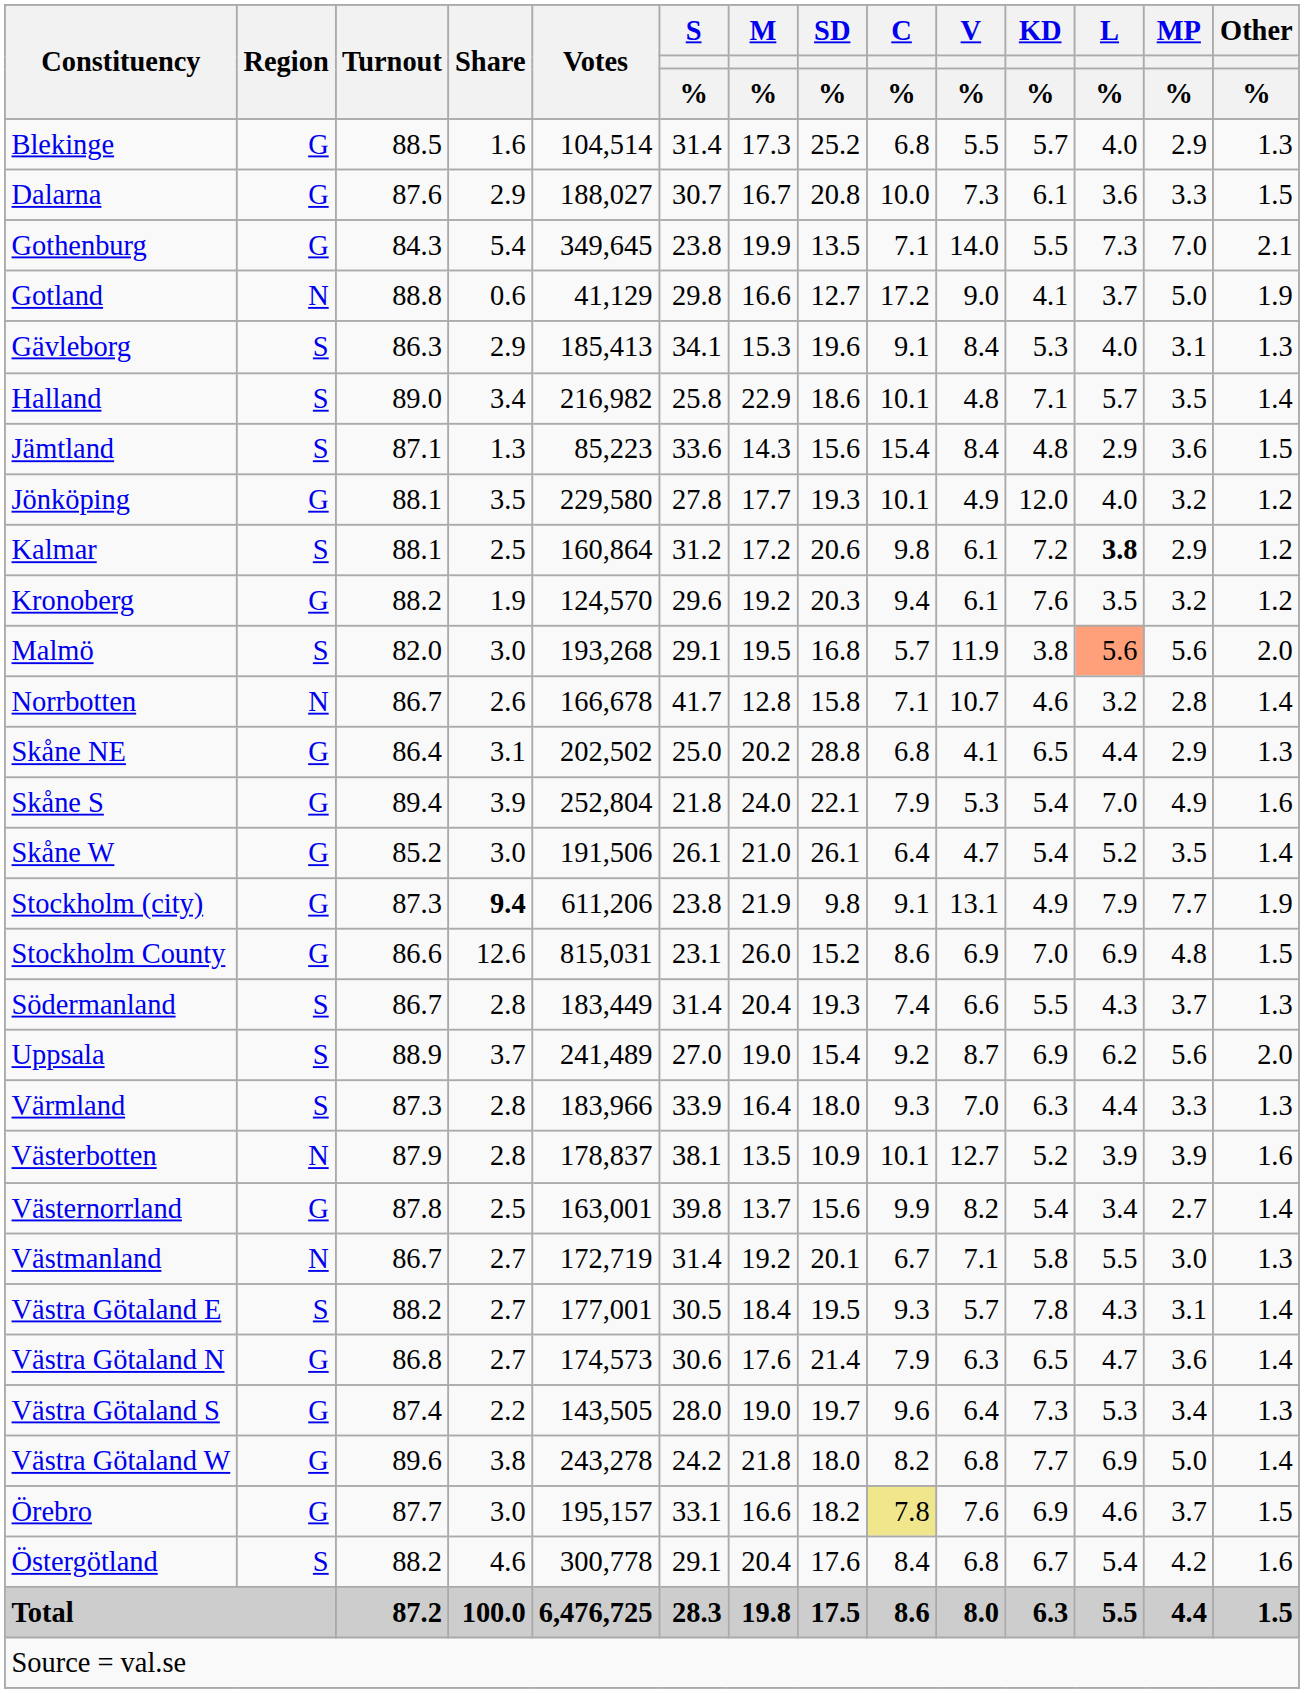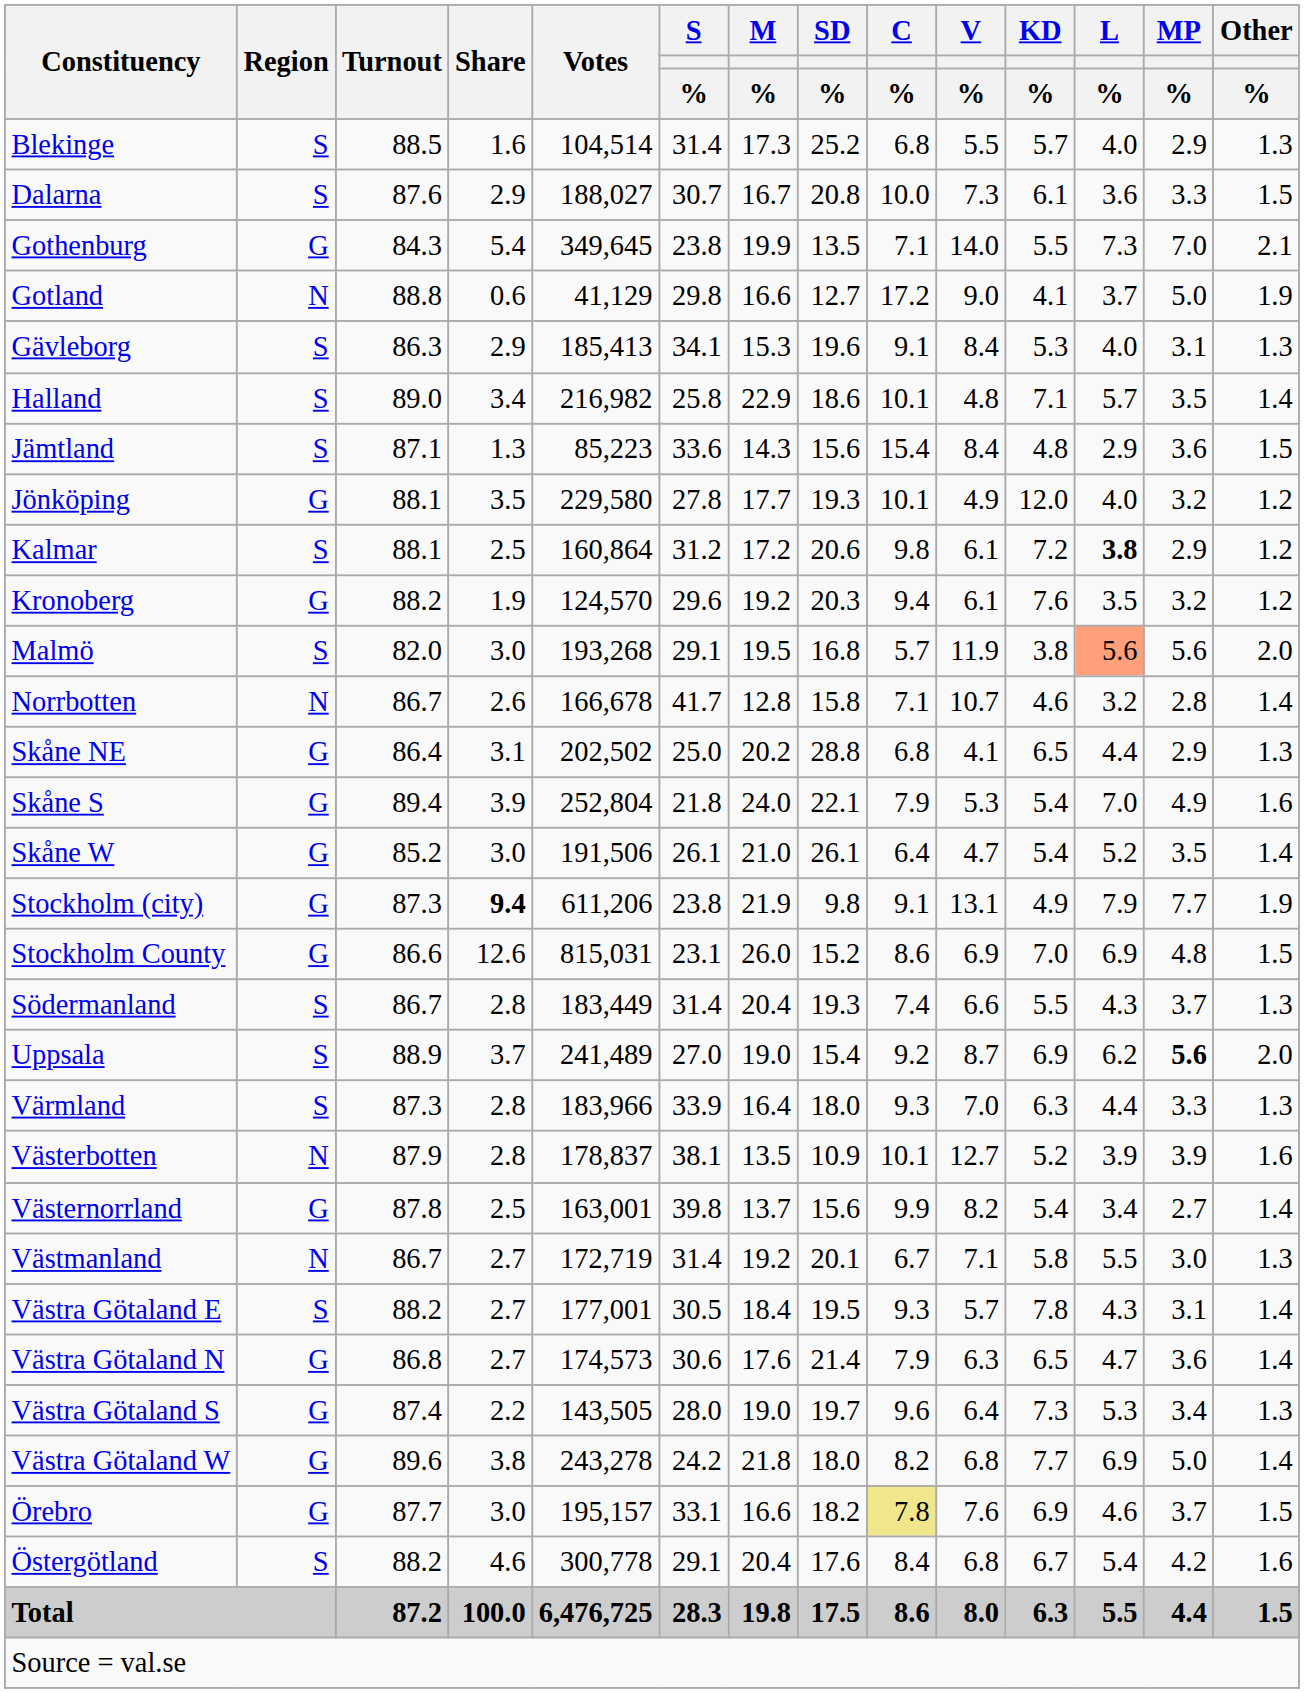 <table class="wikitable sortable" style="text-align:right; font-size:95%; line-height:20px;">
 <tr>
 <th rowspan="3">Constituency</th>
 <th rowspan="3">Region</th>
 <th rowspan="3">Turnout</th>
 <th rowspan="3">Share</th>
 <th rowspan="3">Votes</th>
 <th class="unsortable" width="30px"><a href='#'>S</a></th>
 <th class="unsortable" width="30px"><a href='#'>M</a></th>
 <th class="unsortable" width="30px"><a href='#'>SD</a></th>
 <th class="unsortable" width="30px"><a href='#'>C</a></th>
 <th class="unsortable" width="30px"><a href='#'>V</a></th>
 <th class="unsortable" width="30px"><a href='#'>KD</a></th>
 <th class="unsortable" width="30px"><a href='#'>L</a></th>
 <th class="unsortable" width="30px"><a href='#'>MP</a></th>
 <th class="unsortable" width="30px">Other</th>
 </tr>
 <tr>
 <th style="background:"></th>
 <th style="background:"></th>
 <th style="background:"></th>
 <th style="background:"></th>
 <th style="background:"></th>
 <th style="background:"></th>
 <th style="background:"></th>
 <th style="background:"></th>
 <th style="background:"></th>
 </tr>
 <tr>
 <th data-sort-type="number">%</th>
 <th data-sort-type="number">%</th>
 <th data-sort-type="number">%</th>
 <th data-sort-type="number">%</th>
 <th data-sort-type="number">%</th>
 <th data-sort-type="number">%</th>
 <th data-sort-type="number">%</th>
 <th data-sort-type="number">%</th>
 <th data-sort-type="number">%</th>
 </tr>
 <tr>
 <td align="left"><a href='#'>Blekinge</a></td>
-<td><a href='#'>G</a></td>
+<td><a href='#'>S</a></td>
 <td>88.5</td>
 <td>1.6</td>
 <td>104,514</td>
 <td style="background:">31.4</td>
 <td>17.3</td>
 <td>25.2</td>
 <td>6.8</td>
 <td>5.5</td>
 <td>5.7</td>
 <td>4.0</td>
 <td>2.9</td>
 <td>1.3</td>
 </tr>
 <tr>
 <td align="left"><a href='#'>Dalarna</a></td>
-<td><a href='#'>G</a></td>
+<td><a href='#'>S</a></td>
 <td>87.6</td>
 <td>2.9</td>
 <td>188,027</td>
 <td style="background:">30.7</td>
 <td>16.7</td>
 <td>20.8</td>
 <td>10.0</td>
 <td>7.3</td>
 <td>6.1</td>
 <td>3.6</td>
 <td>3.3</td>
 <td>1.5</td>
 </tr>
 <tr>
 <td align="left"><a href='#'>Gothenburg</a></td>
 <td><a href='#'>G</a></td>
 <td>84.3</td>
 <td>5.4</td>
 <td>349,645</td>
 <td style="background:">23.8</td>
 <td>19.9</td>
 <td>13.5</td>
 <td>7.1</td>
 <td>14.0</td>
 <td>5.5</td>
 <td>7.3</td>
 <td>7.0</td>
 <td>2.1</td>
 </tr>
 <tr>
 <td align="left"><a href='#'>Gotland</a></td>
 <td><a href='#'>N</a></td>
 <td>88.8</td>
 <td>0.6</td>
 <td>41,129</td>
 <td style="background:">29.8</td>
 <td>16.6</td>
 <td>12.7</td>
 <td>17.2</td>
 <td>9.0</td>
 <td>4.1</td>
 <td>3.7</td>
 <td>5.0</td>
 <td>1.9</td>
 </tr>
 <tr>
 <td align="left"><a href='#'>Gävleborg</a></td>
 <td><a href='#'>S</a></td>
 <td>86.3</td>
 <td>2.9</td>
 <td>185,413</td>
 <td style="background:">34.1</td>
 <td>15.3</td>
 <td>19.6</td>
 <td>9.1</td>
 <td>8.4</td>
 <td>5.3</td>
 <td>4.0</td>
 <td>3.1</td>
 <td>1.3</td>
 </tr>
 <tr>
 <td align="left"><a href='#'>Halland</a></td>
 <td><a href='#'>S</a></td>
 <td>89.0</td>
 <td>3.4</td>
 <td>216,982</td>
 <td style="background:">25.8</td>
 <td>22.9</td>
 <td>18.6</td>
 <td>10.1</td>
 <td>4.8</td>
 <td>7.1</td>
 <td>5.7</td>
 <td>3.5</td>
 <td>1.4</td>
 </tr>
 <tr>
 <td align="left"><a href='#'>Jämtland</a></td>
 <td><a href='#'>S</a></td>
 <td>87.1</td>
 <td>1.3</td>
 <td>85,223</td>
 <td style="background:">33.6</td>
 <td>14.3</td>
 <td>15.6</td>
 <td>15.4</td>
 <td>8.4</td>
 <td>4.8</td>
 <td>2.9</td>
 <td>3.6</td>
 <td>1.5</td>
 </tr>
 <tr>
 <td align="left"><a href='#'>Jönköping</a></td>
 <td><a href='#'>G</a></td>
 <td>88.1</td>
 <td>3.5</td>
 <td>229,580</td>
 <td style="background:">27.8</td>
 <td>17.7</td>
 <td>19.3</td>
 <td>10.1</td>
 <td>4.9</td>
 <td>12.0</td>
 <td>4.0</td>
 <td>3.2</td>
 <td>1.2</td>
 </tr>
 <tr>
 <td align="left"><a href='#'>Kalmar</a></td>
 <td><a href='#'>S</a></td>
 <td>88.1</td>
 <td>2.5</td>
 <td>160,864</td>
 <td style="background:">31.2</td>
 <td>17.2</td>
 <td>20.6</td>
 <td>9.8</td>
 <td>6.1</td>
 <td>7.2</td>
 <td><strong>3.8</strong></td>
 <td>2.9</td>
 <td>1.2</td>
 </tr>
 <tr>
 <td align="left"><a href='#'>Kronoberg</a></td>
 <td><a href='#'>G</a></td>
 <td>88.2</td>
 <td>1.9</td>
 <td>124,570</td>
 <td style="background:">29.6</td>
 <td>19.2</td>
 <td>20.3</td>
 <td>9.4</td>
 <td>6.1</td>
 <td>7.6</td>
 <td>3.5</td>
 <td>3.2</td>
 <td>1.2</td>
 </tr>
 <tr>
 <td align="left"><a href='#'>Malmö</a></td>
 <td><a href='#'>S</a></td>
 <td>82.0</td>
 <td>3.0</td>
 <td>193,268</td>
 <td style="background:">29.1</td>
 <td>19.5</td>
 <td>16.8</td>
 <td>5.7</td>
 <td>11.9</td>
 <td>3.8</td>
 <td style="background: lightsalmon;">5.6</td>
 <td>5.6</td>
 <td>2.0</td>
 </tr>
 <tr>
 <td align="left"><a href='#'>Norrbotten</a></td>
 <td><a href='#'>N</a></td>
 <td>86.7</td>
 <td>2.6</td>
 <td>166,678</td>
 <td style="background:">41.7</td>
 <td>12.8</td>
 <td>15.8</td>
 <td>7.1</td>
 <td>10.7</td>
 <td>4.6</td>
 <td>3.2</td>
 <td>2.8</td>
 <td>1.4</td>
 </tr>
 <tr>
 <td align="left"><a href='#'>Skåne NE</a></td>
 <td><a href='#'>G</a></td>
 <td>86.4</td>
 <td>3.1</td>
 <td>202,502</td>
 <td>25.0</td>
 <td>20.2</td>
 <td style="background:">28.8</td>
 <td>6.8</td>
 <td>4.1</td>
 <td>6.5</td>
 <td>4.4</td>
 <td>2.9</td>
 <td>1.3</td>
 </tr>
 <tr>
 <td align="left"><a href='#'>Skåne S</a></td>
 <td><a href='#'>G</a></td>
 <td>89.4</td>
 <td>3.9</td>
 <td>252,804</td>
 <td>21.8</td>
 <td style="background:">24.0</td>
 <td>22.1</td>
 <td>7.9</td>
 <td>5.3</td>
 <td>5.4</td>
 <td>7.0</td>
 <td>4.9</td>
 <td>1.6</td>
 </tr>
 <tr>
 <td align="left"><a href='#'>Skåne W</a></td>
 <td><a href='#'>G</a></td>
 <td>85.2</td>
 <td>3.0</td>
 <td>191,506</td>
 <td style="background:">26.1</td>
 <td>21.0</td>
 <td style="background:">26.1</td>
 <td>6.4</td>
 <td>4.7</td>
 <td>5.4</td>
 <td>5.2</td>
 <td>3.5</td>
 <td>1.4</td>
 </tr>
 <tr>
 <td align="left"><a href='#'>Stockholm (city)</a></td>
 <td><a href='#'>G</a></td>
 <td>87.3</td>
 <td><strong>9.4</strong></td>
 <td>611,206</td>
 <td style="background:">23.8</td>
 <td>21.9</td>
 <td>9.8</td>
 <td>9.1</td>
 <td>13.1</td>
 <td>4.9</td>
 <td>7.9</td>
 <td>7.7</td>
 <td>1.9</td>
 </tr>
 <tr>
 <td align="left"><a href='#'>Stockholm County</a></td>
 <td><a href='#'>G</a></td>
 <td>86.6</td>
 <td>12.6</td>
 <td>815,031</td>
 <td>23.1</td>
 <td style="background:">26.0</td>
 <td>15.2</td>
 <td>8.6</td>
 <td>6.9</td>
 <td>7.0</td>
 <td>6.9</td>
 <td>4.8</td>
 <td>1.5</td>
 </tr>
 <tr>
 <td align="left"><a href='#'>Södermanland</a></td>
 <td><a href='#'>S</a></td>
 <td>86.7</td>
 <td>2.8</td>
 <td>183,449</td>
 <td style="background:">31.4</td>
 <td>20.4</td>
 <td>19.3</td>
 <td>7.4</td>
 <td>6.6</td>
 <td>5.5</td>
 <td>4.3</td>
 <td>3.7</td>
 <td>1.3</td>
 </tr>
 <tr>
 <td align="left"><a href='#'>Uppsala</a></td>
 <td><a href='#'>S</a></td>
 <td>88.9</td>
 <td>3.7</td>
 <td>241,489</td>
 <td style="background:">27.0</td>
 <td>19.0</td>
 <td>15.4</td>
 <td>9.2</td>
 <td>8.7</td>
 <td>6.9</td>
 <td>6.2</td>
-<td>5.6</td>
+<td><strong>5.6</strong></td>
 <td>2.0</td>
 </tr>
 <tr>
 <td align="left"><a href='#'>Värmland</a></td>
 <td><a href='#'>S</a></td>
 <td>87.3</td>
 <td>2.8</td>
 <td>183,966</td>
 <td style="background:">33.9</td>
 <td>16.4</td>
 <td>18.0</td>
 <td>9.3</td>
 <td>7.0</td>
 <td>6.3</td>
 <td>4.4</td>
 <td>3.3</td>
 <td>1.3</td>
 </tr>
 <tr>
 <td align="left"><a href='#'>Västerbotten</a></td>
 <td><a href='#'>N</a></td>
 <td>87.9</td>
 <td>2.8</td>
 <td>178,837</td>
 <td style="background:">38.1</td>
 <td>13.5</td>
 <td>10.9</td>
 <td>10.1</td>
 <td>12.7</td>
 <td>5.2</td>
 <td>3.9</td>
 <td>3.9</td>
 <td>1.6</td>
 </tr>
 <tr>
 <td align="left"><a href='#'>Västernorrland</a></td>
 <td><a href='#'>G</a></td>
 <td>87.8</td>
 <td>2.5</td>
 <td>163,001</td>
 <td style="background:">39.8</td>
 <td>13.7</td>
 <td>15.6</td>
 <td>9.9</td>
 <td>8.2</td>
 <td>5.4</td>
 <td>3.4</td>
 <td>2.7</td>
 <td>1.4</td>
 </tr>
 <tr>
 <td align="left"><a href='#'>Västmanland</a></td>
 <td><a href='#'>N</a></td>
 <td>86.7</td>
 <td>2.7</td>
 <td>172,719</td>
 <td style="background:">31.4</td>
 <td>19.2</td>
 <td>20.1</td>
 <td>6.7</td>
 <td>7.1</td>
 <td>5.8</td>
 <td>5.5</td>
 <td>3.0</td>
 <td>1.3</td>
 </tr>
 <tr>
 <td align="left"><a href='#'>Västra Götaland E</a></td>
 <td><a href='#'>S</a></td>
 <td>88.2</td>
 <td>2.7</td>
 <td>177,001</td>
 <td style="background:">30.5</td>
 <td>18.4</td>
 <td>19.5</td>
 <td>9.3</td>
 <td>5.7</td>
 <td>7.8</td>
 <td>4.3</td>
 <td>3.1</td>
 <td>1.4</td>
 </tr>
 <tr>
 <td align="left"><a href='#'>Västra Götaland N</a></td>
 <td><a href='#'>G</a></td>
 <td>86.8</td>
 <td>2.7</td>
 <td>174,573</td>
 <td style="background:">30.6</td>
 <td>17.6</td>
 <td>21.4</td>
 <td>7.9</td>
 <td>6.3</td>
 <td>6.5</td>
 <td>4.7</td>
 <td>3.6</td>
 <td>1.4</td>
 </tr>
 <tr>
 <td align="left"><a href='#'>Västra Götaland S</a></td>
 <td><a href='#'>G</a></td>
 <td>87.4</td>
 <td>2.2</td>
 <td>143,505</td>
 <td style="background:">28.0</td>
 <td>19.0</td>
 <td>19.7</td>
 <td>9.6</td>
 <td>6.4</td>
 <td>7.3</td>
 <td>5.3</td>
 <td>3.4</td>
 <td>1.3</td>
 </tr>
 <tr>
 <td align="left"><a href='#'>Västra Götaland W</a></td>
 <td><a href='#'>G</a></td>
 <td>89.6</td>
 <td>3.8</td>
 <td>243,278</td>
 <td style="background:">24.2</td>
 <td>21.8</td>
 <td>18.0</td>
 <td>8.2</td>
 <td>6.8</td>
 <td>7.7</td>
 <td>6.9</td>
 <td>5.0</td>
 <td>1.4</td>
 </tr>
 <tr>
 <td align="left"><a href='#'>Örebro</a></td>
 <td><a href='#'>G</a></td>
 <td>87.7</td>
 <td>3.0</td>
 <td>195,157</td>
 <td style="background:">33.1</td>
 <td>16.6</td>
 <td>18.2</td>
 <td style="background: khaki;">7.8</td>
 <td>7.6</td>
 <td>6.9</td>
 <td>4.6</td>
 <td>3.7</td>
 <td>1.5</td>
 </tr>
 <tr>
 <td align="left"><a href='#'>Östergötland</a></td>
 <td><a href='#'>S</a></td>
 <td>88.2</td>
 <td>4.6</td>
 <td>300,778</td>
 <td style="background:">29.1</td>
 <td>20.4</td>
 <td>17.6</td>
 <td>8.4</td>
 <td>6.8</td>
 <td>6.7</td>
 <td>5.4</td>
 <td>4.2</td>
 <td>1.6</td>
 </tr>
 <tr style="background:#CDCDCD;">
 <td colspan="2" align="left"><strong>Total</strong></td>
 <td><strong>87.2</strong></td>
 <td><strong>100.0</strong></td>
 <td><strong>6,476,725</strong></td>
 <td style="background:"><strong>28.3</strong></td>
 <td><strong>19.8</strong></td>
 <td><strong>17.5</strong></td>
 <td><strong>8.6</strong></td>
 <td><strong>8.0</strong></td>
 <td><strong>6.3</strong></td>
 <td><strong>5.5</strong></td>
 <td><strong>4.4</strong></td>
 <td><strong>1.5</strong></td>
 </tr>
 <tr>
 <td colspan="14" align="left">Source = val.se</td>
 </tr>
 </table>
